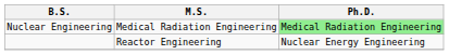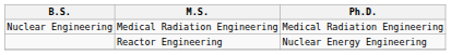 <table class="wikitable">
 <tr>
 <th>B.S.</th>
 <th>M.S.</th>
 <th>Ph.D.</th>
 </tr>
 <tr>
 <td>Nuclear Engineering</td>
 <td>Medical Radiation Engineering</td>
-<td style="background: lightgreen;">Medical Radiation Engineering</td>
+<td>Medical Radiation Engineering</td>
 </tr>
 <tr>
 <td></td>
 <td>Reactor Engineering</td>
 <td>Nuclear Energy Engineering</td>
 </tr>
 <tr>
 </tr>
 </table>
